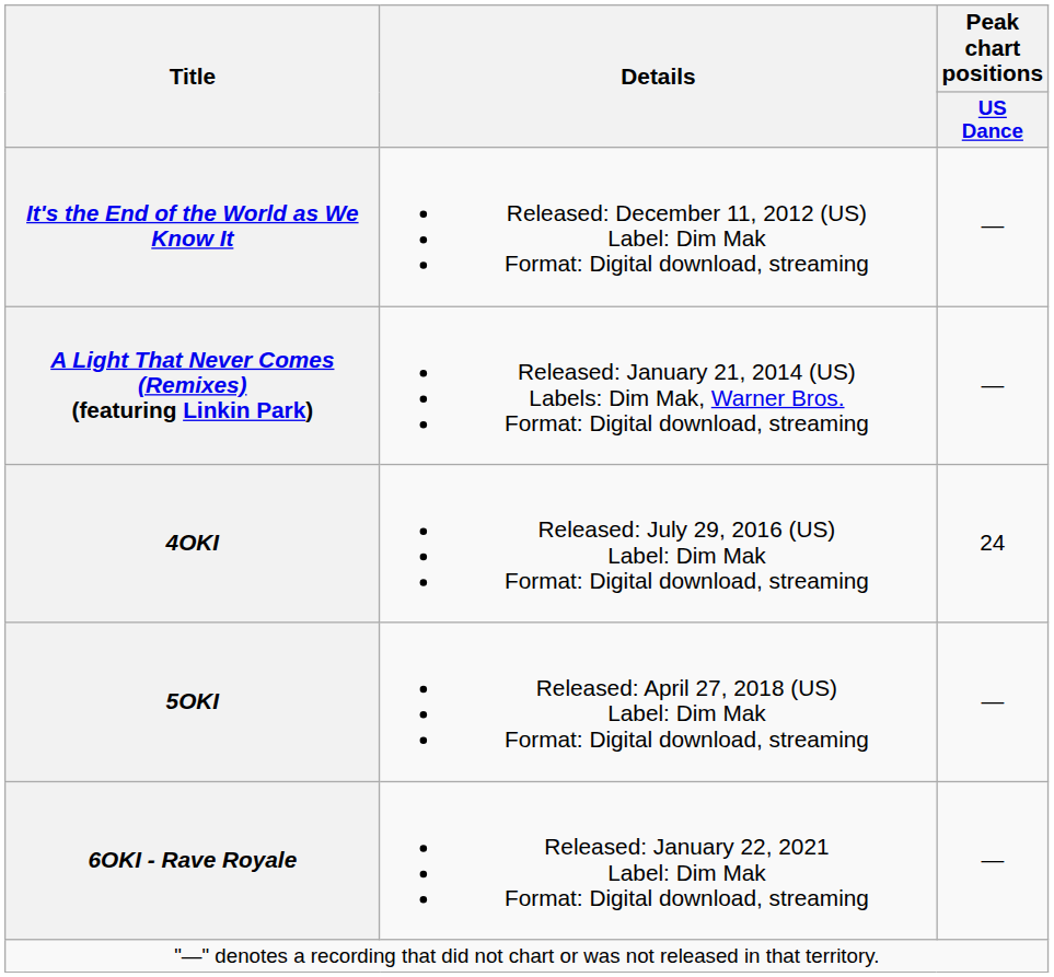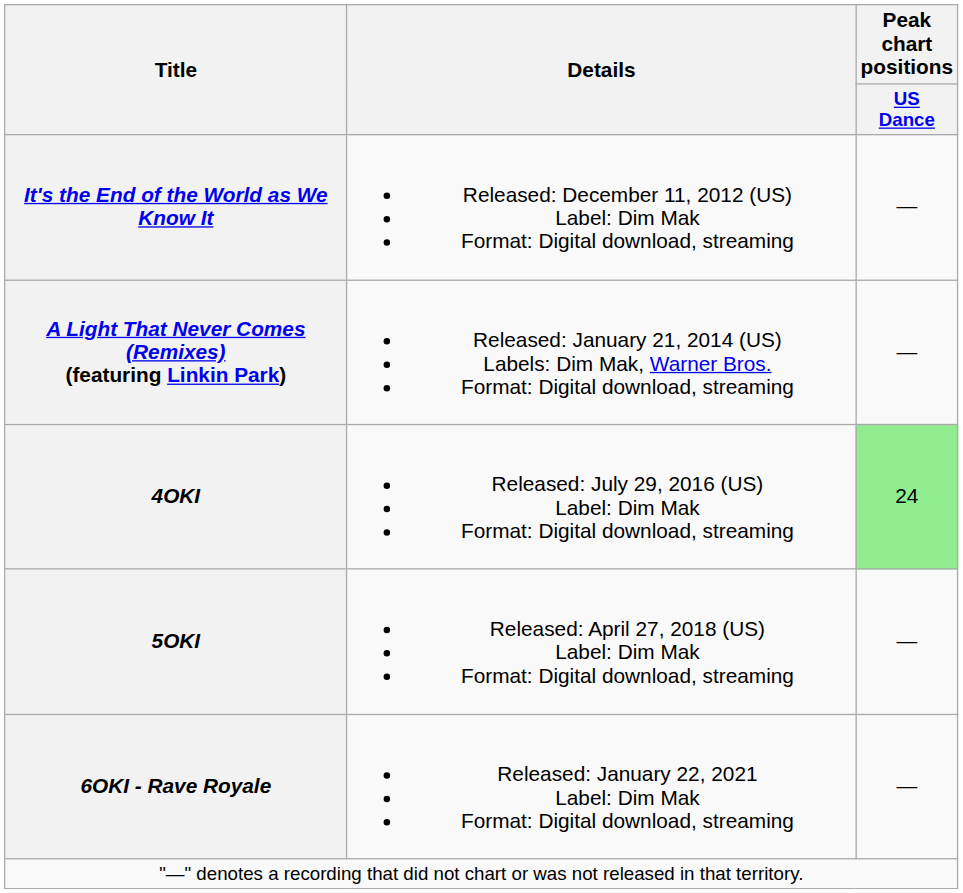 <table class="wikitable plainrowheaders" style="text-align:center;" border="1">
 <tr>
 <th scope="col" rowspan="2" style="width:16em;">Title</th>
 <th scope="col" rowspan="2" style="width:24em;">Details</th>
 <th scope="col" colspan="1">Peak chart positions</th>
 </tr>
 <tr>
 <th scope="col" style="width:2.9em;font-size:90%;"><a href='#'>US<br>Dance</a><br></th>
 </tr>
 <tr>
 <th scope="row"><em><a href='#'>It's the End of the World as We Know It</a></em></th>
 <td><br><ul><li>Released: December 11, 2012 <span>(US)</span></li><li>Label: Dim Mak</li><li>Format: Digital download, streaming</li></ul></td>
 <td>—</td>
 </tr>
 <tr>
 <th scope="row"><em><a href='#'>A Light That Never Comes (Remixes)</a></em><br><span>(featuring <a href='#'>Linkin Park</a>)</span></th>
 <td><br><ul><li>Released: January 21, 2014 <span>(US)</span></li><li>Labels: Dim Mak, <a href='#'>Warner Bros.</a></li><li>Format: Digital download, streaming</li></ul></td>
 <td>—</td>
 </tr>
 <tr>
 <th scope="row"><em>4OKI</em></th>
 <td><br><ul><li>Released: July 29, 2016 <span>(US)</span></li><li>Label: Dim Mak</li><li>Format: Digital download, streaming</li></ul></td>
-<td>24</td>
+<td style="background: lightgreen;">24</td>
 </tr>
 <tr>
 <th scope="row"><em>5OKI</em></th>
 <td><br><ul><li>Released: April 27, 2018 <span>(US)</span></li><li>Label: Dim Mak</li><li>Format: Digital download, streaming</li></ul></td>
 <td>—</td>
 </tr>
 <tr>
 <th scope="row"><em>6OKI - Rave Royale</em></th>
 <td><br><ul><li>Released: January 22, 2021</li><li>Label: Dim Mak</li><li>Format: Digital download, streaming</li></ul></td>
 <td>—</td>
 </tr>
 <tr>
 <td colspan="4" style="font-size:90%">"—" denotes a recording that did not chart or was not released in that territory.</td>
 </tr>
 </table>
